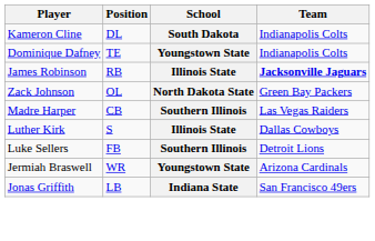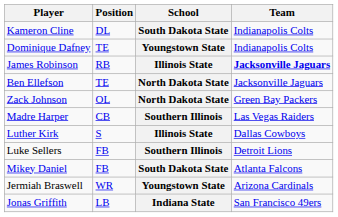 <table class="wikitable sortable" border="1">
 <tr>
 <th>Player</th>
 <th>Position</th>
 <th>School</th>
 <th>Team</th>
 </tr>
 <tr>
 <td><a href='#'>Kameron Cline</a></td>
 <td><a href='#'>DL</a></td>
-<th>South Dakota</th>
+<th>South Dakota State</th>
 <td><a href='#'>Indianapolis Colts</a></td>
 </tr>
 <tr>
 <td><a href='#'>Dominique Dafney</a></td>
 <td><a href='#'>TE</a></td>
 <th>Youngstown State</th>
 <td><a href='#'>Indianapolis Colts</a></td>
 </tr>
 <tr>
 <td><a href='#'>James Robinson</a></td>
 <td><a href='#'>RB</a></td>
 <th>Illinois State</th>
 <td><strong><a href='#'>Jacksonville Jaguars</a></strong></td>
+</tr>
+<tr>
+<td><a href='#'>Ben Ellefson</a></td>
+<td><a href='#'>TE</a></td>
+<th>North Dakota State</th>
+<td><a href='#'>Jacksonville Jaguars</a></td>
 </tr>
 <tr>
 <td><a href='#'>Zack Johnson</a></td>
 <td><a href='#'>OL</a></td>
 <th>North Dakota State</th>
 <td><a href='#'>Green Bay Packers</a></td>
 </tr>
 <tr>
 <td><a href='#'>Madre Harper</a></td>
 <td><a href='#'>CB</a></td>
 <th>Southern Illinois</th>
 <td><a href='#'>Las Vegas Raiders</a></td>
 </tr>
 <tr>
 <td><a href='#'>Luther Kirk</a></td>
 <td><a href='#'>S</a></td>
 <th>Illinois State</th>
 <td><a href='#'>Dallas Cowboys</a></td>
 </tr>
 <tr>
 <td>Luke Sellers</td>
 <td><a href='#'>FB</a></td>
 <th>Southern Illinois</th>
 <td><a href='#'>Detroit Lions</a></td>
 </tr>
 <tr>
+<td><a href='#'>Mikey Daniel</a></td>
+<td><a href='#'>FB</a></td>
+<th>South Dakota State</th>
+<td><a href='#'>Atlanta Falcons</a></td>
+</tr>
+<tr>
 <td>Jermiah Braswell</td>
 <td><a href='#'>WR</a></td>
 <th>Youngstown State</th>
 <td><a href='#'>Arizona Cardinals</a></td>
 </tr>
 <tr>
 <td><a href='#'>Jonas Griffith</a></td>
 <td><a href='#'>LB</a></td>
 <th>Indiana State</th>
 <td><a href='#'>San Francisco 49ers</a></td>
 </tr>
 </table>
